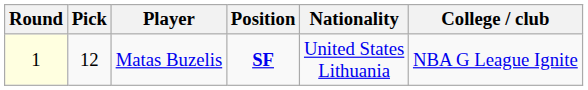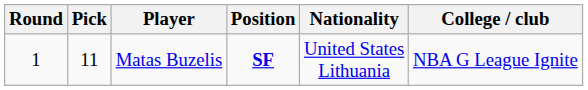 <table class="wikitable sortable sortable">
 <tr>
 <th scope="col">Round</th>
 <th scope="col">Pick</th>
 <th scope="col">Player</th>
 <th scope="col">Position</th>
 <th scope="col">Nationality</th>
 <th scope="col">College / club</th>
 </tr>
 <tr style="text-align: center">
-<td style="background: lightyellow;">1</td>
-<td>12</td>
+<td>1</td>
+<td>11</td>
 <td><a href='#'>Matas Buzelis</a></td>
 <td><strong><a href='#'>SF</a></strong></td>
 <td> <a href='#'>United States</a><br> <a href='#'>Lithuania</a></td>
 <td><a href='#'>NBA G League Ignite</a></td>
 </tr>
 </table>
